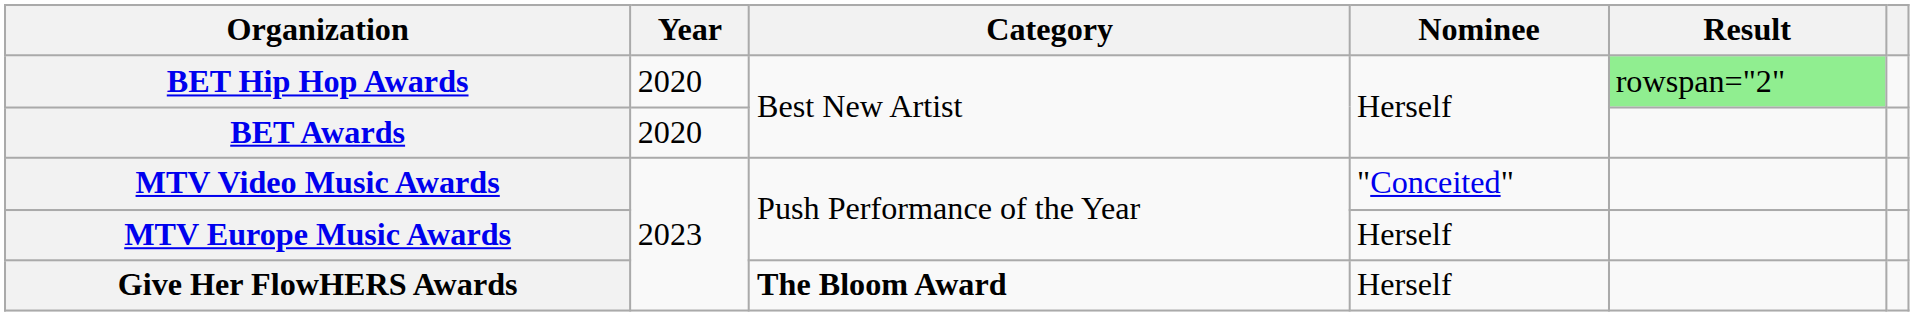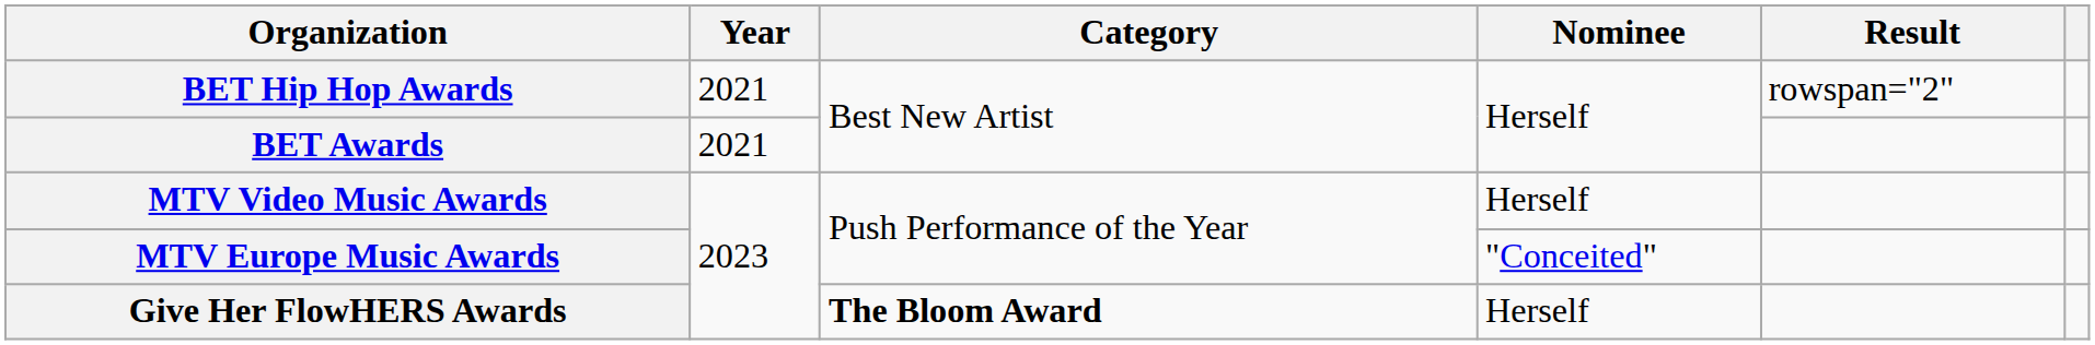 <table class="wikitable sortable plainrowheaders" style="width: 75%;">
 <tr>
 <th scope="col">Organization</th>
 <th scope="col">Year</th>
 <th scope="col">Category</th>
 <th scope="col">Nominee</th>
 <th scope="col">Result</th>
 <th class="unsortable" scope="col"></th>
 </tr>
 <tr>
 <th scope="row"><a href='#'>BET Hip Hop Awards</a></th>
-<td>2020</td>
+<td>2021</td>
 <td rowspan="2">Best New Artist</td>
 <td rowspan="2">Herself</td>
-<td style="background: lightgreen;">rowspan="2" </td>
+<td>rowspan="2" </td>
 <td style="text-align:center;"></td>
 </tr>
 <tr>
 <th scope="row"><a href='#'>BET Awards</a></th>
-<td>2020</td>
+<td>2021</td>
 <td style="text-align:center;"></td>
 </tr>
 <tr>
 <th scope="row"><a href='#'>MTV Video Music Awards</a></th>
 <td rowspan="3">2023</td>
 <td rowspan="2">Push Performance of the Year</td>
-<td>"<a href='#'>Conceited</a>"</td>
+<td>Herself</td>
 <td></td>
 <td style="text-align:center;"></td>
 </tr>
 <tr>
 <th scope=row><a href='#'>MTV Europe Music Awards</a></th>
-<td>Herself</td>
+<td>"<a href='#'>Conceited</a>"</td>
 <td></td>
 <td style="text-align:center;"></td>
 </tr>
 <tr>
 <th scope="row">Give Her FlowHERS Awards</th>
 <td><strong>The Bloom Award</strong></td>
 <td>Herself</td>
 <td></td>
 <td style="text-align:center;"></td>
 </tr>
 </table>
